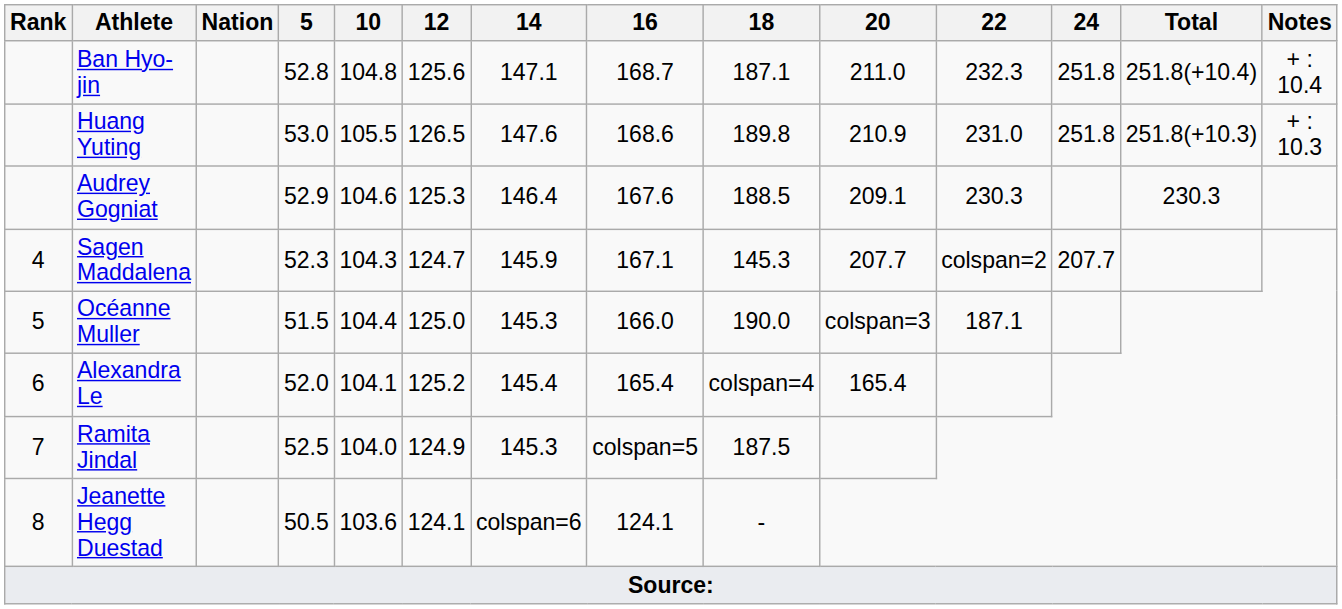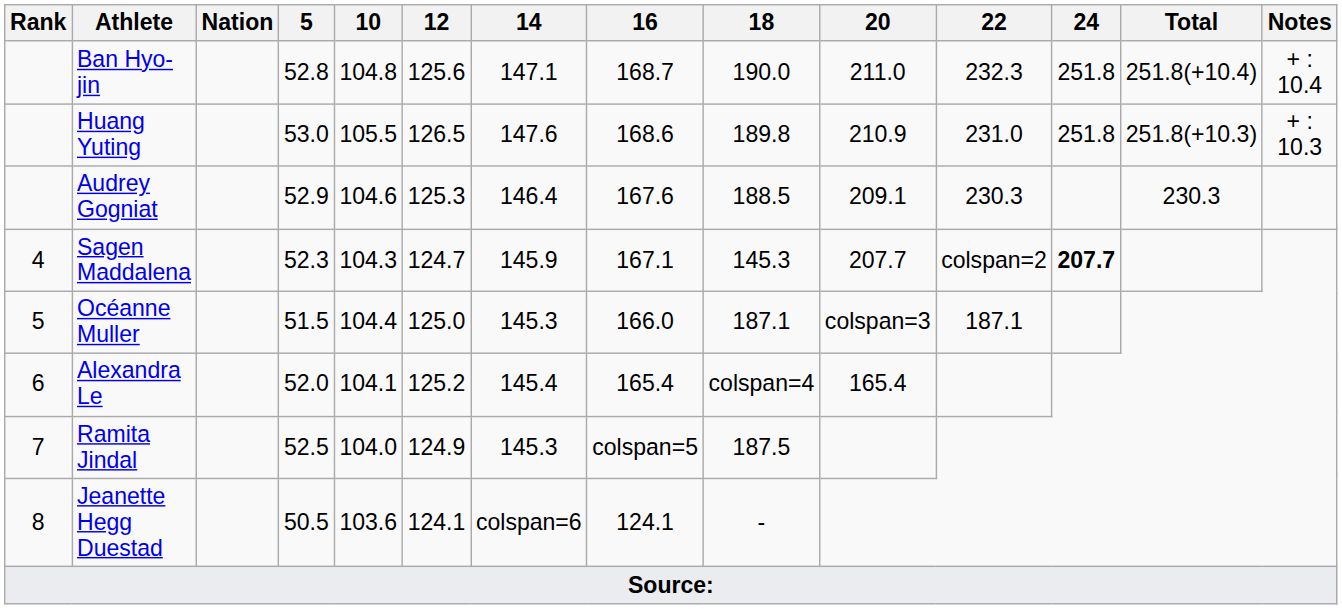 <table class="wikitable sortable" style="text-align:center">
 <tr>
 <th>Rank</th>
 <th>Athlete</th>
 <th>Nation</th>
 <th class="sortable">5</th>
 <th class="sortable">10</th>
 <th class="sortable">12</th>
 <th class="sortable">14</th>
 <th class="sortable">16</th>
 <th class="sortable">18</th>
 <th class="sortable">20</th>
 <th class="sortable">22</th>
 <th class="sortable">24</th>
 <th>Total</th>
 <th class="unsortable">Notes</th>
 </tr>
 <tr>
 <td></td>
 <td align="left"><a href='#'>Ban Hyo-jin</a></td>
 <td align=left></td>
 <td>52.8</td>
 <td>104.8</td>
 <td>125.6</td>
 <td>147.1</td>
 <td>168.7</td>
-<td>187.1</td>
+<td>190.0</td>
 <td>211.0</td>
 <td>232.3</td>
 <td>251.8</td>
 <td>251.8(+10.4)</td>
 <td> + : 10.4</td>
 </tr>
 <tr>
 <td></td>
 <td align="left"><a href='#'>Huang Yuting</a></td>
 <td align=left></td>
 <td>53.0</td>
 <td>105.5</td>
 <td>126.5</td>
 <td>147.6</td>
 <td>168.6</td>
 <td>189.8</td>
 <td>210.9</td>
 <td>231.0</td>
 <td>251.8</td>
 <td>251.8(+10.3)</td>
 <td> + : 10.3</td>
 </tr>
 <tr>
 <td></td>
 <td align="left"><a href='#'>Audrey Gogniat</a></td>
 <td align=left></td>
 <td>52.9</td>
 <td>104.6</td>
 <td>125.3</td>
 <td>146.4</td>
 <td>167.6</td>
 <td>188.5</td>
 <td>209.1</td>
 <td>230.3</td>
 <td></td>
 <td>230.3</td>
 <td></td>
 </tr>
 <tr>
 <td>4</td>
 <td align="left"><a href='#'>Sagen Maddalena</a></td>
 <td align=left></td>
 <td>52.3</td>
 <td>104.3</td>
 <td>124.7</td>
 <td>145.9</td>
 <td>167.1</td>
 <td>145.3</td>
 <td>207.7</td>
 <td>colspan=2 </td>
-<td>207.7</td>
+<td><strong>207.7</strong></td>
 <td></td>
 </tr>
 <tr>
 <td>5</td>
 <td align="left"><a href='#'>Océanne Muller</a></td>
 <td align=left></td>
 <td>51.5</td>
 <td>104.4</td>
 <td>125.0</td>
 <td>145.3</td>
 <td>166.0</td>
-<td>190.0</td>
+<td>187.1</td>
 <td>colspan=3 </td>
 <td>187.1</td>
 <td></td>
 </tr>
 <tr>
 <td>6</td>
 <td align="left"><a href='#'>Alexandra Le</a></td>
 <td align=left></td>
 <td>52.0</td>
 <td>104.1</td>
 <td>125.2</td>
 <td>145.4</td>
 <td>165.4</td>
 <td>colspan=4 </td>
 <td>165.4</td>
 <td></td>
 </tr>
 <tr>
 <td>7</td>
 <td align="left"><a href='#'>Ramita Jindal</a></td>
 <td align=left></td>
 <td>52.5</td>
 <td>104.0</td>
 <td>124.9</td>
 <td>145.3</td>
 <td>colspan=5 </td>
 <td>187.5</td>
 <td></td>
 </tr>
 <tr>
 <td>8</td>
 <td align="left"><a href='#'>Jeanette Hegg Duestad</a></td>
 <td align=left></td>
 <td>50.5</td>
 <td>103.6</td>
 <td>124.1</td>
 <td>colspan=6 </td>
 <td>124.1</td>
 <td>-</td>
 </tr>
 <tr>
 <td colspan="14" style="background-color:#EAECF0;text-align:center"><strong>Source:</strong></td>
 </tr>
 </table>
